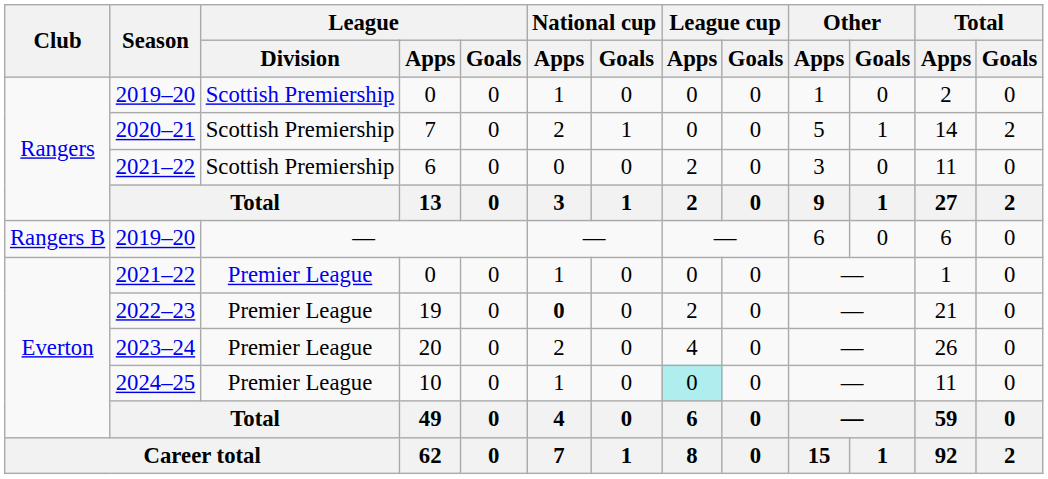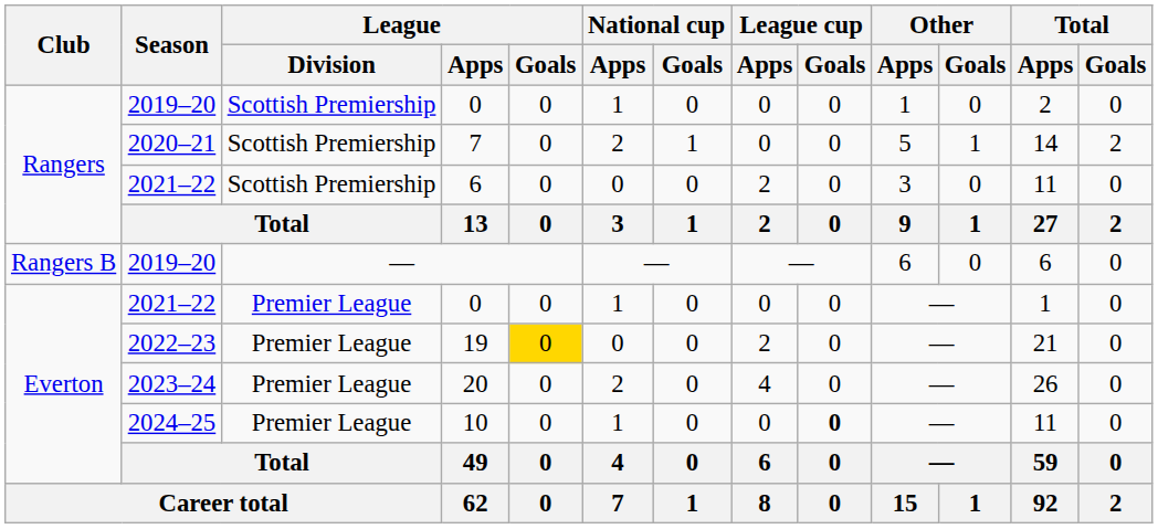 <table class="wikitable" style="text-align: center;">
 <tr>
 <th rowspan="2">Club</th>
 <th rowspan="2">Season</th>
 <th colspan="3">League</th>
 <th colspan="2">National cup</th>
 <th colspan="2">League cup</th>
 <th colspan="2">Other</th>
 <th colspan="2">Total</th>
 </tr>
 <tr>
 <th>Division</th>
 <th>Apps</th>
 <th>Goals</th>
 <th>Apps</th>
 <th>Goals</th>
 <th>Apps</th>
 <th>Goals</th>
 <th>Apps</th>
 <th>Goals</th>
 <th>Apps</th>
 <th>Goals</th>
 </tr>
 <tr>
 <td rowspan="4"><a href='#'>Rangers</a></td>
 <td><a href='#'>2019–20</a></td>
 <td><a href='#'>Scottish Premiership</a></td>
 <td>0</td>
 <td>0</td>
 <td>1</td>
 <td>0</td>
 <td>0</td>
 <td>0</td>
 <td>1</td>
 <td>0</td>
 <td>2</td>
 <td>0</td>
 </tr>
 <tr>
 <td><a href='#'>2020–21</a></td>
 <td>Scottish Premiership</td>
 <td>7</td>
 <td>0</td>
 <td>2</td>
 <td>1</td>
 <td>0</td>
 <td>0</td>
 <td>5</td>
 <td>1</td>
 <td>14</td>
 <td>2</td>
 </tr>
 <tr>
 <td><a href='#'>2021–22</a></td>
 <td>Scottish Premiership</td>
 <td>6</td>
 <td>0</td>
 <td>0</td>
 <td>0</td>
 <td>2</td>
 <td>0</td>
 <td>3</td>
 <td>0</td>
 <td>11</td>
 <td>0</td>
 </tr>
 <tr>
 <th colspan="2">Total</th>
 <th>13</th>
 <th>0</th>
 <th>3</th>
 <th>1</th>
 <th>2</th>
 <th>0</th>
 <th>9</th>
 <th>1</th>
 <th>27</th>
 <th>2</th>
 </tr>
 <tr>
 <td><a href='#'>Rangers B</a></td>
 <td><a href='#'>2019–20</a></td>
 <td colspan=3>—</td>
 <td colspan=2>—</td>
 <td colspan=2>—</td>
 <td>6</td>
 <td>0</td>
 <td>6</td>
 <td>0</td>
 </tr>
 <tr>
 <td rowspan="5"><a href='#'>Everton</a></td>
 <td><a href='#'>2021–22</a></td>
 <td><a href='#'>Premier League</a></td>
 <td>0</td>
 <td>0</td>
 <td>1</td>
 <td>0</td>
 <td>0</td>
 <td>0</td>
 <td colspan="2">—</td>
 <td>1</td>
 <td>0</td>
 </tr>
 <tr>
 <td><a href='#'>2022–23</a></td>
 <td>Premier League</td>
 <td>19</td>
+<td style="background: gold;">0</td>
 <td>0</td>
-<td><strong>0</strong></td>
 <td>0</td>
 <td>2</td>
 <td>0</td>
 <td colspan="2">—</td>
 <td>21</td>
 <td>0</td>
 </tr>
 <tr>
 <td><a href='#'>2023–24</a></td>
 <td>Premier League</td>
 <td>20</td>
 <td>0</td>
 <td>2</td>
 <td>0</td>
 <td>4</td>
 <td>0</td>
 <td colspan="2">—</td>
 <td>26</td>
 <td>0</td>
 </tr>
 <tr>
 <td><a href='#'>2024–25</a></td>
 <td>Premier League</td>
 <td>10</td>
 <td>0</td>
 <td>1</td>
 <td>0</td>
-<td style="background: paleturquoise;">0</td>
 <td>0</td>
+<td><strong>0</strong></td>
 <td colspan="2">—</td>
 <td>11</td>
 <td>0</td>
 </tr>
 <tr>
 <th colspan="2">Total</th>
 <th>49</th>
 <th>0</th>
 <th>4</th>
 <th>0</th>
 <th>6</th>
 <th>0</th>
 <th colspan="2">—</th>
 <th>59</th>
 <th>0</th>
 </tr>
 <tr>
 <th colspan="3">Career total</th>
 <th>62</th>
 <th>0</th>
 <th>7</th>
 <th>1</th>
 <th>8</th>
 <th>0</th>
 <th>15</th>
 <th>1</th>
 <th>92</th>
 <th>2</th>
 </tr>
 </table>
